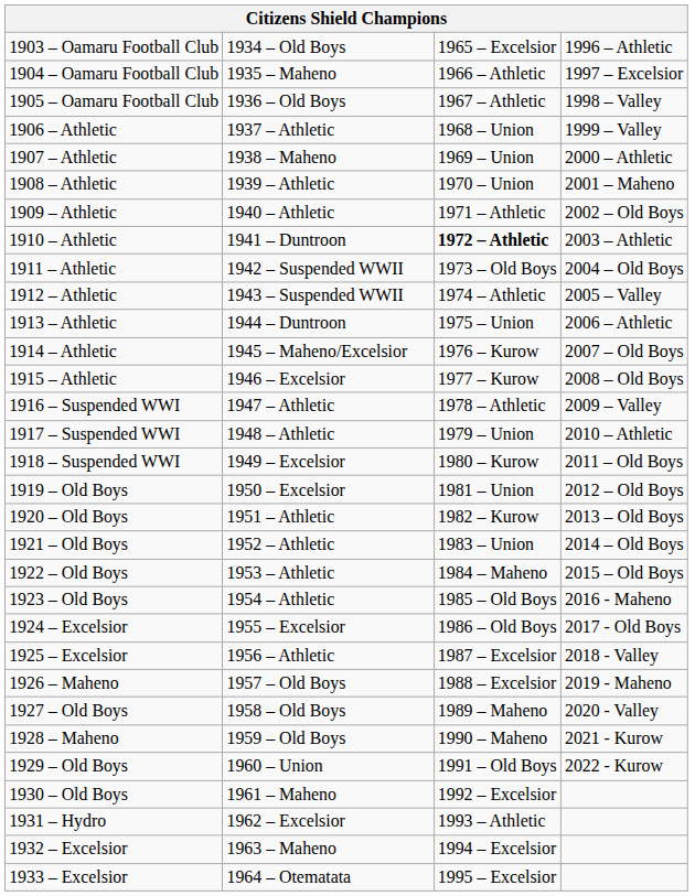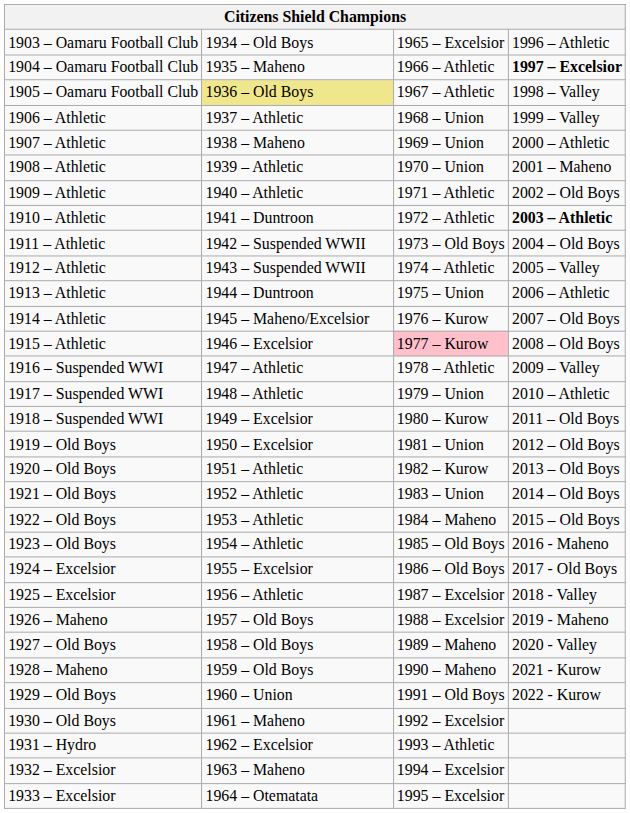 <table class="wikitable">
 <tr>
 <th colspan="4">Citizens Shield Champions</th>
 </tr>
 <tr>
 <td>1903 –  Oamaru Football Club</td>
 <td>1934 – Old Boys</td>
 <td>1965 – Excelsior</td>
 <td>1996 – Athletic</td>
 </tr>
 <tr>
 <td>1904 –  Oamaru Football Club</td>
 <td>1935 – Maheno</td>
 <td>1966 – Athletic</td>
-<td>1997 – Excelsior</td>
+<td><strong>1997 – Excelsior</strong></td>
 </tr>
 <tr>
 <td>1905 –  Oamaru Football Club</td>
-<td>1936 – Old Boys</td>
+<td style="background: khaki;">1936 – Old Boys</td>
 <td>1967 – Athletic</td>
 <td>1998 – Valley</td>
 </tr>
 <tr>
 <td>1906 –  Athletic</td>
 <td>1937 – Athletic</td>
 <td>1968 – Union</td>
 <td>1999 – Valley</td>
 </tr>
 <tr>
 <td>1907 –  Athletic</td>
 <td>1938 – Maheno</td>
 <td>1969 – Union</td>
 <td>2000 – Athletic</td>
 </tr>
 <tr>
 <td>1908 –  Athletic</td>
 <td>1939 – Athletic</td>
 <td>1970 – Union</td>
 <td>2001 – Maheno</td>
 </tr>
 <tr>
 <td>1909 –  Athletic</td>
 <td>1940 – Athletic</td>
 <td>1971 – Athletic</td>
 <td>2002 – Old Boys</td>
 </tr>
 <tr>
 <td>1910 –  Athletic</td>
 <td>1941 – Duntroon</td>
-<td><strong>1972 – Athletic</strong></td>
-<td>2003 – Athletic</td>
+<td>1972 – Athletic</td>
+<td><strong>2003 – Athletic</strong></td>
 </tr>
 <tr>
 <td>1911 –  Athletic</td>
 <td>1942 – Suspended WWII      </td>
 <td>1973 – Old Boys</td>
 <td>2004 – Old Boys</td>
 </tr>
 <tr>
 <td>1912 –  Athletic</td>
 <td>1943 – Suspended WWII</td>
 <td>1974 – Athletic</td>
 <td>2005 – Valley</td>
 </tr>
 <tr>
 <td>1913 –  Athletic</td>
 <td>1944 – Duntroon</td>
 <td>1975 – Union</td>
 <td>2006 –  Athletic</td>
 </tr>
 <tr>
 <td>1914 –  Athletic</td>
 <td>1945 – Maheno/Excelsior</td>
 <td>1976 – Kurow</td>
 <td>2007 – Old Boys</td>
 </tr>
 <tr>
 <td>1915 –  Athletic</td>
 <td>1946 – Excelsior</td>
-<td>1977 – Kurow</td>
+<td style="background: pink;">1977 – Kurow</td>
 <td>2008 – Old Boys</td>
 </tr>
 <tr>
 <td>1916 –  Suspended WWI</td>
 <td>1947 – Athletic</td>
 <td>1978 – Athletic</td>
 <td>2009 – Valley</td>
 </tr>
 <tr>
 <td>1917 –  Suspended WWI</td>
 <td>1948 – Athletic</td>
 <td>1979 – Union</td>
 <td>2010 – Athletic</td>
 </tr>
 <tr>
 <td>1918 –  Suspended WWI</td>
 <td>1949 – Excelsior</td>
 <td>1980 – Kurow</td>
 <td>2011 – Old Boys</td>
 </tr>
 <tr>
 <td>1919 –  Old Boys</td>
 <td>1950 – Excelsior</td>
 <td>1981 – Union</td>
 <td>2012 – Old Boys</td>
 </tr>
 <tr>
 <td>1920 –  Old Boys</td>
 <td>1951 – Athletic</td>
 <td>1982 – Kurow</td>
 <td>2013 – Old Boys</td>
 </tr>
 <tr>
 <td>1921 –  Old Boys</td>
 <td>1952 – Athletic</td>
 <td>1983 – Union</td>
 <td>2014 – Old Boys</td>
 </tr>
 <tr>
 <td>1922 –  Old Boys</td>
 <td>1953 – Athletic</td>
 <td>1984 – Maheno</td>
 <td>2015 – Old Boys</td>
 </tr>
 <tr>
 <td>1923 –  Old Boys</td>
 <td>1954 – Athletic</td>
 <td>1985 – Old Boys</td>
 <td>2016 - Maheno</td>
 </tr>
 <tr>
 <td>1924 –  Excelsior</td>
 <td>1955 – Excelsior</td>
 <td>1986 – Old Boys</td>
 <td>2017 - Old Boys</td>
 </tr>
 <tr>
 <td>1925 –  Excelsior</td>
 <td>1956 – Athletic</td>
 <td>1987 – Excelsior</td>
 <td>2018 - Valley</td>
 </tr>
 <tr>
 <td>1926 –  Maheno</td>
 <td>1957 – Old Boys</td>
 <td>1988 – Excelsior</td>
 <td>2019 - Maheno</td>
 </tr>
 <tr>
 <td>1927 –  Old Boys</td>
 <td>1958 – Old Boys</td>
 <td>1989 – Maheno</td>
 <td>2020 - Valley</td>
 </tr>
 <tr>
 <td>1928 –  Maheno</td>
 <td>1959 – Old Boys</td>
 <td>1990 – Maheno</td>
 <td>2021 - Kurow</td>
 </tr>
 <tr>
 <td>1929 –  Old Boys</td>
 <td>1960 – Union</td>
 <td>1991 – Old Boys</td>
 <td>2022 - Kurow</td>
 </tr>
 <tr>
 <td>1930 –  Old Boys</td>
 <td>1961 – Maheno</td>
 <td>1992 – Excelsior</td>
 <td></td>
 </tr>
 <tr>
 <td>1931 –  Hydro</td>
 <td>1962 – Excelsior</td>
 <td>1993 – Athletic</td>
 <td></td>
 </tr>
 <tr>
 <td>1932 –  Excelsior</td>
 <td>1963 – Maheno</td>
 <td>1994 – Excelsior</td>
 <td></td>
 </tr>
 <tr>
 <td>1933 –  Excelsior</td>
 <td>1964 – Otematata</td>
 <td>1995 – Excelsior</td>
 <td></td>
 </tr>
 </table>
